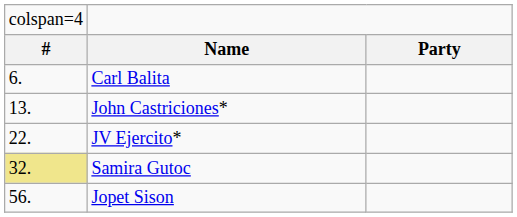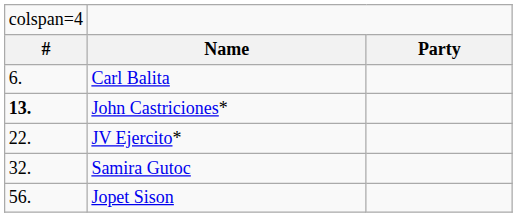 <table class=wikitable style="font-size:90%">
 <tr>
 <td>colspan=4 </td>
 </tr>
 <tr>
 <th>#</th>
 <th width=55%>Name</th>
 <th colspan=2 width=110px>Party</th>
 </tr>
 <tr>
 <td>6.</td>
 <td><a href='#'>Carl Balita</a></td>
 <td></td>
 </tr>
 <tr>
-<td>13.</td>
+<td><strong>13.</strong></td>
 <td><a href='#'>John Castriciones</a>*</td>
 <td></td>
 </tr>
 <tr>
 <td>22.</td>
 <td><a href='#'>JV Ejercito</a>*</td>
 <td></td>
 </tr>
 <tr>
-<td style="background: khaki;">32.</td>
+<td>32.</td>
 <td><a href='#'>Samira Gutoc</a></td>
 <td></td>
 </tr>
 <tr>
 <td>56.</td>
 <td><a href='#'>Jopet Sison</a></td>
 <td></td>
 </tr>
 </table>
